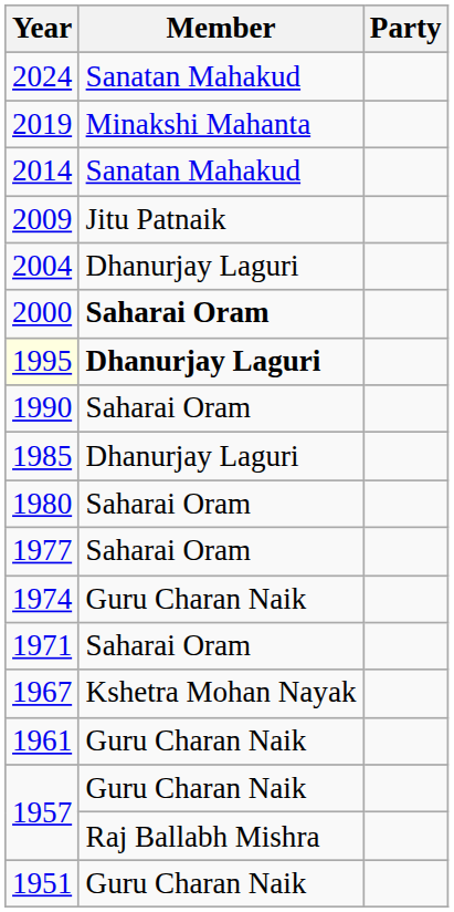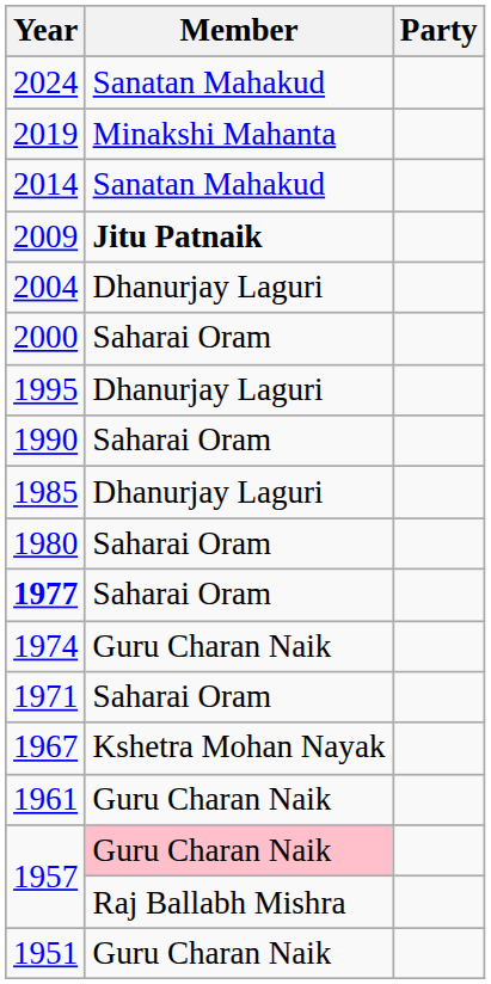 <table class="wikitable sortable">
 <tr>
 <th>Year</th>
 <th>Member</th>
 <th colspan=2>Party</th>
 </tr>
 <tr>
 <td><a href='#'>2024</a></td>
 <td><a href='#'>Sanatan Mahakud</a></td>
 <td></td>
 </tr>
 <tr>
 <td><a href='#'>2019</a></td>
 <td><a href='#'>Minakshi Mahanta</a></td>
 <td></td>
 </tr>
 <tr>
 <td><a href='#'>2014</a></td>
 <td><a href='#'>Sanatan Mahakud</a></td>
 <td></td>
 </tr>
 <tr>
 <td><a href='#'>2009</a></td>
-<td>Jitu Patnaik</td>
+<td><strong>Jitu Patnaik</strong></td>
 <td></td>
 </tr>
 <tr>
 <td><a href='#'>2004</a></td>
 <td>Dhanurjay Laguri</td>
 <td></td>
 </tr>
 <tr>
 <td><a href='#'>2000</a></td>
-<td><strong>Saharai Oram</strong></td>
+<td>Saharai Oram</td>
 <td></td>
 </tr>
 <tr>
-<td style="background: lightyellow;"><a href='#'>1995</a></td>
-<td><strong>Dhanurjay Laguri</strong></td>
+<td><a href='#'>1995</a></td>
+<td>Dhanurjay Laguri</td>
 <td></td>
 </tr>
 <tr>
 <td><a href='#'>1990</a></td>
 <td>Saharai Oram</td>
 <td></td>
 </tr>
 <tr>
 <td><a href='#'>1985</a></td>
 <td>Dhanurjay Laguri</td>
 <td></td>
 </tr>
 <tr>
 <td><a href='#'>1980</a></td>
 <td>Saharai Oram</td>
 <td></td>
 </tr>
 <tr>
-<td><a href='#'>1977</a></td>
+<td><strong><a href='#'>1977</a></strong></td>
 <td>Saharai Oram</td>
 <td></td>
 </tr>
 <tr>
 <td><a href='#'>1974</a></td>
 <td>Guru Charan Naik</td>
 <td></td>
 </tr>
 <tr>
 <td><a href='#'>1971</a></td>
 <td>Saharai Oram</td>
 <td></td>
 </tr>
 <tr>
 <td><a href='#'>1967</a></td>
 <td>Kshetra Mohan Nayak</td>
 <td></td>
 </tr>
 <tr>
 <td><a href='#'>1961</a></td>
 <td>Guru Charan Naik</td>
 <td></td>
 </tr>
 <tr>
 <td rowspan="2"><a href='#'>1957</a></td>
-<td>Guru Charan Naik</td>
+<td style="background: pink;">Guru Charan Naik</td>
 <td></td>
 </tr>
 <tr>
 <td>Raj Ballabh Mishra</td>
 <td></td>
 </tr>
 <tr>
 <td><a href='#'>1951</a></td>
 <td>Guru Charan Naik</td>
 <td></td>
 </tr>
 <tr>
 </tr>
 </table>
